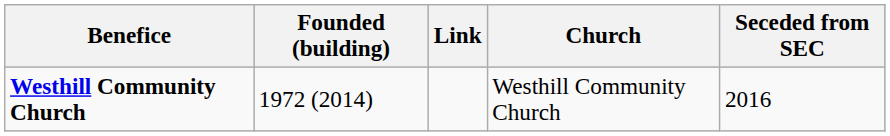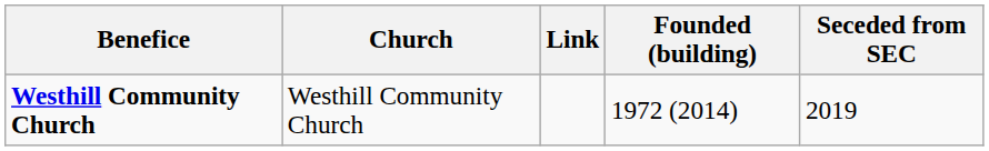 <table class="wikitable">
 <tr>
 <th>Benefice</th>
+<th>Church</th>
+<th>Link</th>
 <th>Founded (building)</th>
-<th>Link</th>
-<th>Church</th>
 <th>Seceded from SEC</th>
 </tr>
 <tr>
 <td><strong><a href='#'>Westhill</a> Community Church</strong></td>
+<td>Westhill Community Church</td>
+<td></td>
 <td>1972 (2014)</td>
-<td></td>
-<td>Westhill Community Church</td>
-<td>2016</td>
+<td>2019</td>
 </tr>
 </table>
